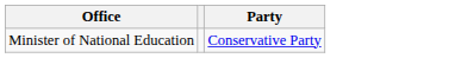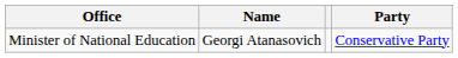 <table class="wikitable">
 <tr>
 <th>Office</th>
+<th>Name</th>
 <th></th>
 <th>Party</th>
 </tr>
 <tr>
 <td>Minister of National Education</td>
+<td>Georgi Atanasovich</td>
 <td style="color:inherit;background:"></td>
 <td><a href='#'>Conservative Party</a></td>
 </tr>
 </table>
